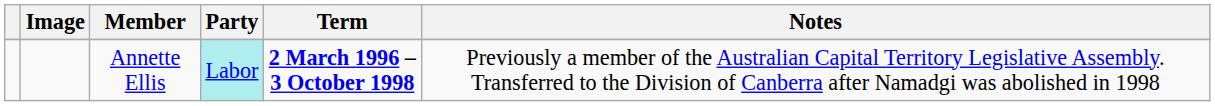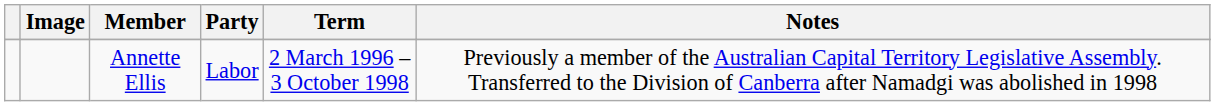 <table class=wikitable style="text-align:center">
 <tr>
 <th></th>
 <th>Image</th>
 <th>Member</th>
 <th>Party</th>
 <th>Term</th>
 <th>Notes</th>
 </tr>
 <tr>
 </tr>
 <tr>
 <td> </td>
 <td></td>
 <td><a href='#'>Annette Ellis</a><br></td>
-<td style="background: paleturquoise;"><a href='#'>Labor</a></td>
-<td nowrap><strong><a href='#'>2 March 1996</a> –<br><a href='#'>3 October 1998</a></strong></td>
+<td><a href='#'>Labor</a></td>
+<td nowrap><a href='#'>2 March 1996</a> –<br><a href='#'>3 October 1998</a></td>
 <td>Previously a member of the <a href='#'>Australian Capital Territory Legislative Assembly</a>. Transferred to the Division of <a href='#'>Canberra</a> after Namadgi was abolished in 1998</td>
 </tr>
 </table>
